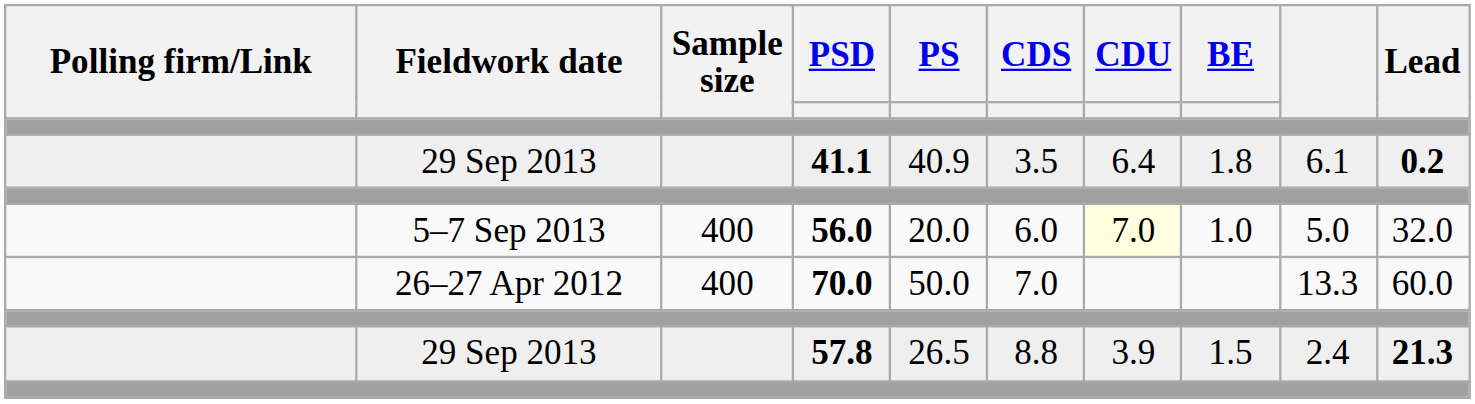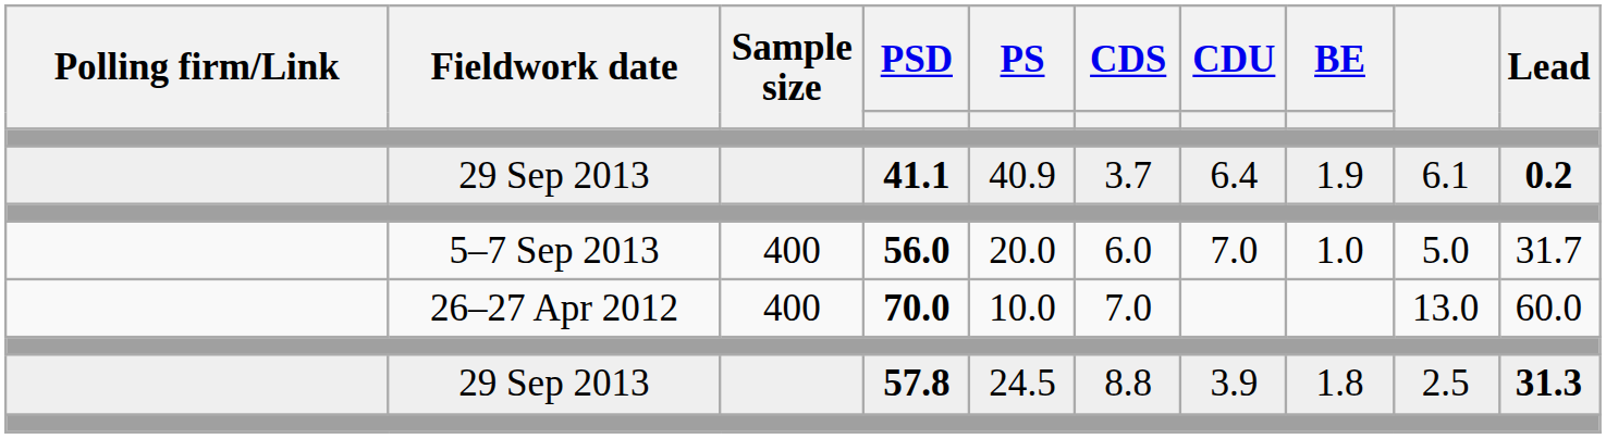 <table class="wikitable collapsible sortable" style="text-align:center; font-size:95%; line-height:16px;">
 <tr style="height:42px;">
 <th style="width:145px;" rowspan="2">Polling firm/Link</th>
 <th style="width:125px;" rowspan="2">Fieldwork date</th>
 <th class="unsortable" style="width:50px;" rowspan="2">Sample size</th>
 <th class="unsortable" style="width:35px;"><a href='#'>PSD</a></th>
 <th class="unsortable" style="width:35px;"><a href='#'>PS</a></th>
 <th class="unsortable" style="width:35px;"><a href='#'>CDS</a></th>
 <th class="unsortable" style="width:35px;"><a href='#'>CDU</a></th>
 <th class="unsortable" style="width:35px;"><a href='#'>BE</a></th>
 <th class="unsortable" style="width:35px;" rowspan="2"></th>
 <th class="unsortable" style="width:30px;" rowspan="2">Lead</th>
 </tr>
 <tr>
 <th class="unsortable" style="color:inherit;background:"></th>
 <th class="unsortable" style="color:inherit;background:"></th>
 <th class="unsortable" style="color:inherit;background:"></th>
 <th class="unsortable" style="color:inherit;background:"></th>
 <th class="unsortable" style="color:inherit;background:"></th>
 </tr>
 <tr>
 <td colspan="13" style="background:#A0A0A0"></td>
 </tr>
 <tr style="background:#EFEFEF;">
 <td><strong></strong></td>
 <td data-sort-value="2019-10-06">29 Sep 2013</td>
 <td></td>
 <td><strong>41.1</strong><br></td>
 <td>40.9<br></td>
-<td>3.5<br></td>
+<td>3.7<br></td>
 <td>6.4<br></td>
-<td>1.8<br></td>
+<td>1.9<br></td>
 <td>6.1</td>
 <td style="background:"><strong>0.2</strong></td>
 </tr>
 <tr>
 <td colspan="13" style="background:#A0A0A0"></td>
 </tr>
 <tr>
 <td align="center"></td>
 <td align="center">5–7 Sep 2013</td>
 <td>400</td>
 <td align="center" ><strong>56.0</strong></td>
 <td align="center">20.0</td>
 <td align="center">6.0</td>
-<td align="center" style="background: lightyellow;">7.0</td>
+<td align="center">7.0</td>
 <td align="center">1.0</td>
 <td align="center">5.0</td>
-<td style="background:">32.0</td>
+<td style="background:">31.7</td>
 </tr>
 <tr>
 <td align="center"></td>
 <td align="center">26–27 Apr 2012</td>
 <td>400</td>
 <td align="center" ><strong>70.0</strong></td>
-<td align="center">50.0</td>
+<td align="center">10.0</td>
 <td align="center">7.0</td>
 <td></td>
 <td></td>
-<td align="center">13.3</td>
+<td align="center">13.0</td>
 <td style="background:">60.0</td>
 </tr>
 <tr>
 <td colspan="13" style="background:#A0A0A0"></td>
 </tr>
 <tr style="background:#EFEFEF;">
 <td><strong></strong></td>
 <td data-sort-value="2019-10-06">29 Sep 2013</td>
 <td></td>
 <td><strong>57.8</strong><br></td>
-<td>26.5<br></td>
+<td>24.5<br></td>
 <td>8.8<br></td>
 <td>3.9<br></td>
-<td>1.5<br></td>
-<td>2.4</td>
-<td style="background:"><strong>21.3</strong></td>
+<td>1.8<br></td>
+<td>2.5</td>
+<td style="background:"><strong>31.3</strong></td>
 </tr>
 <tr>
 <td colspan="13" style="background:#A0A0A0"></td>
 </tr>
 <tr>
 </tr>
 </table>
